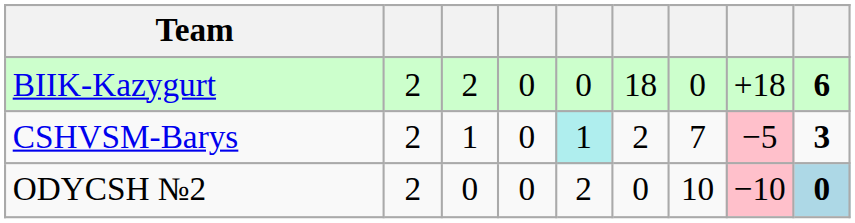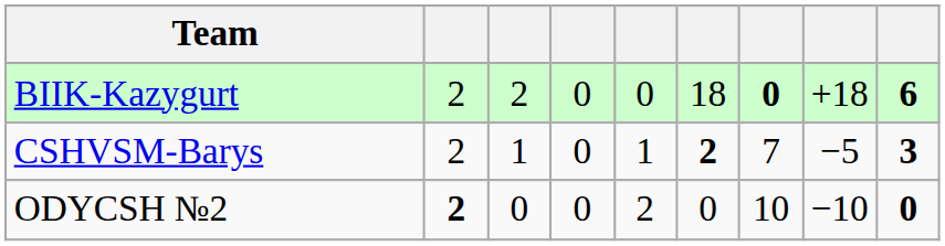 <table class="wikitable" style="text-align:center;">
 <tr>
 <th width=175>Team</th>
 <th width=20></th>
 <th width=20></th>
 <th width=20></th>
 <th width=20></th>
 <th width=20></th>
 <th width=20></th>
 <th width=20></th>
 <th width=20></th>
 </tr>
 <tr bgcolor=ccffcc>
 <td align="left"><a href='#'>BIIK-Kazygurt</a></td>
 <td>2</td>
 <td>2</td>
 <td>0</td>
 <td>0</td>
 <td>18</td>
-<td>0</td>
+<td><strong>0</strong></td>
 <td>+18</td>
 <td><strong>6</strong></td>
 </tr>
 <tr>
 <td align="left"><a href='#'>CSHVSM-Barys</a></td>
 <td>2</td>
 <td>1</td>
 <td>0</td>
-<td style="background: paleturquoise;">1</td>
-<td>2</td>
+<td>1</td>
+<td><strong>2</strong></td>
 <td>7</td>
-<td style="background: pink;">−5</td>
+<td>−5</td>
 <td><strong>3</strong></td>
 </tr>
 <tr>
 <td align="left">ODYCSH №2</td>
-<td>2</td>
+<td><strong>2</strong></td>
 <td>0</td>
 <td>0</td>
 <td>2</td>
 <td>0</td>
 <td>10</td>
-<td style="background: pink;">−10</td>
-<td style="background: lightblue;"><strong>0</strong></td>
+<td>−10</td>
+<td><strong>0</strong></td>
 </tr>
 </table>
